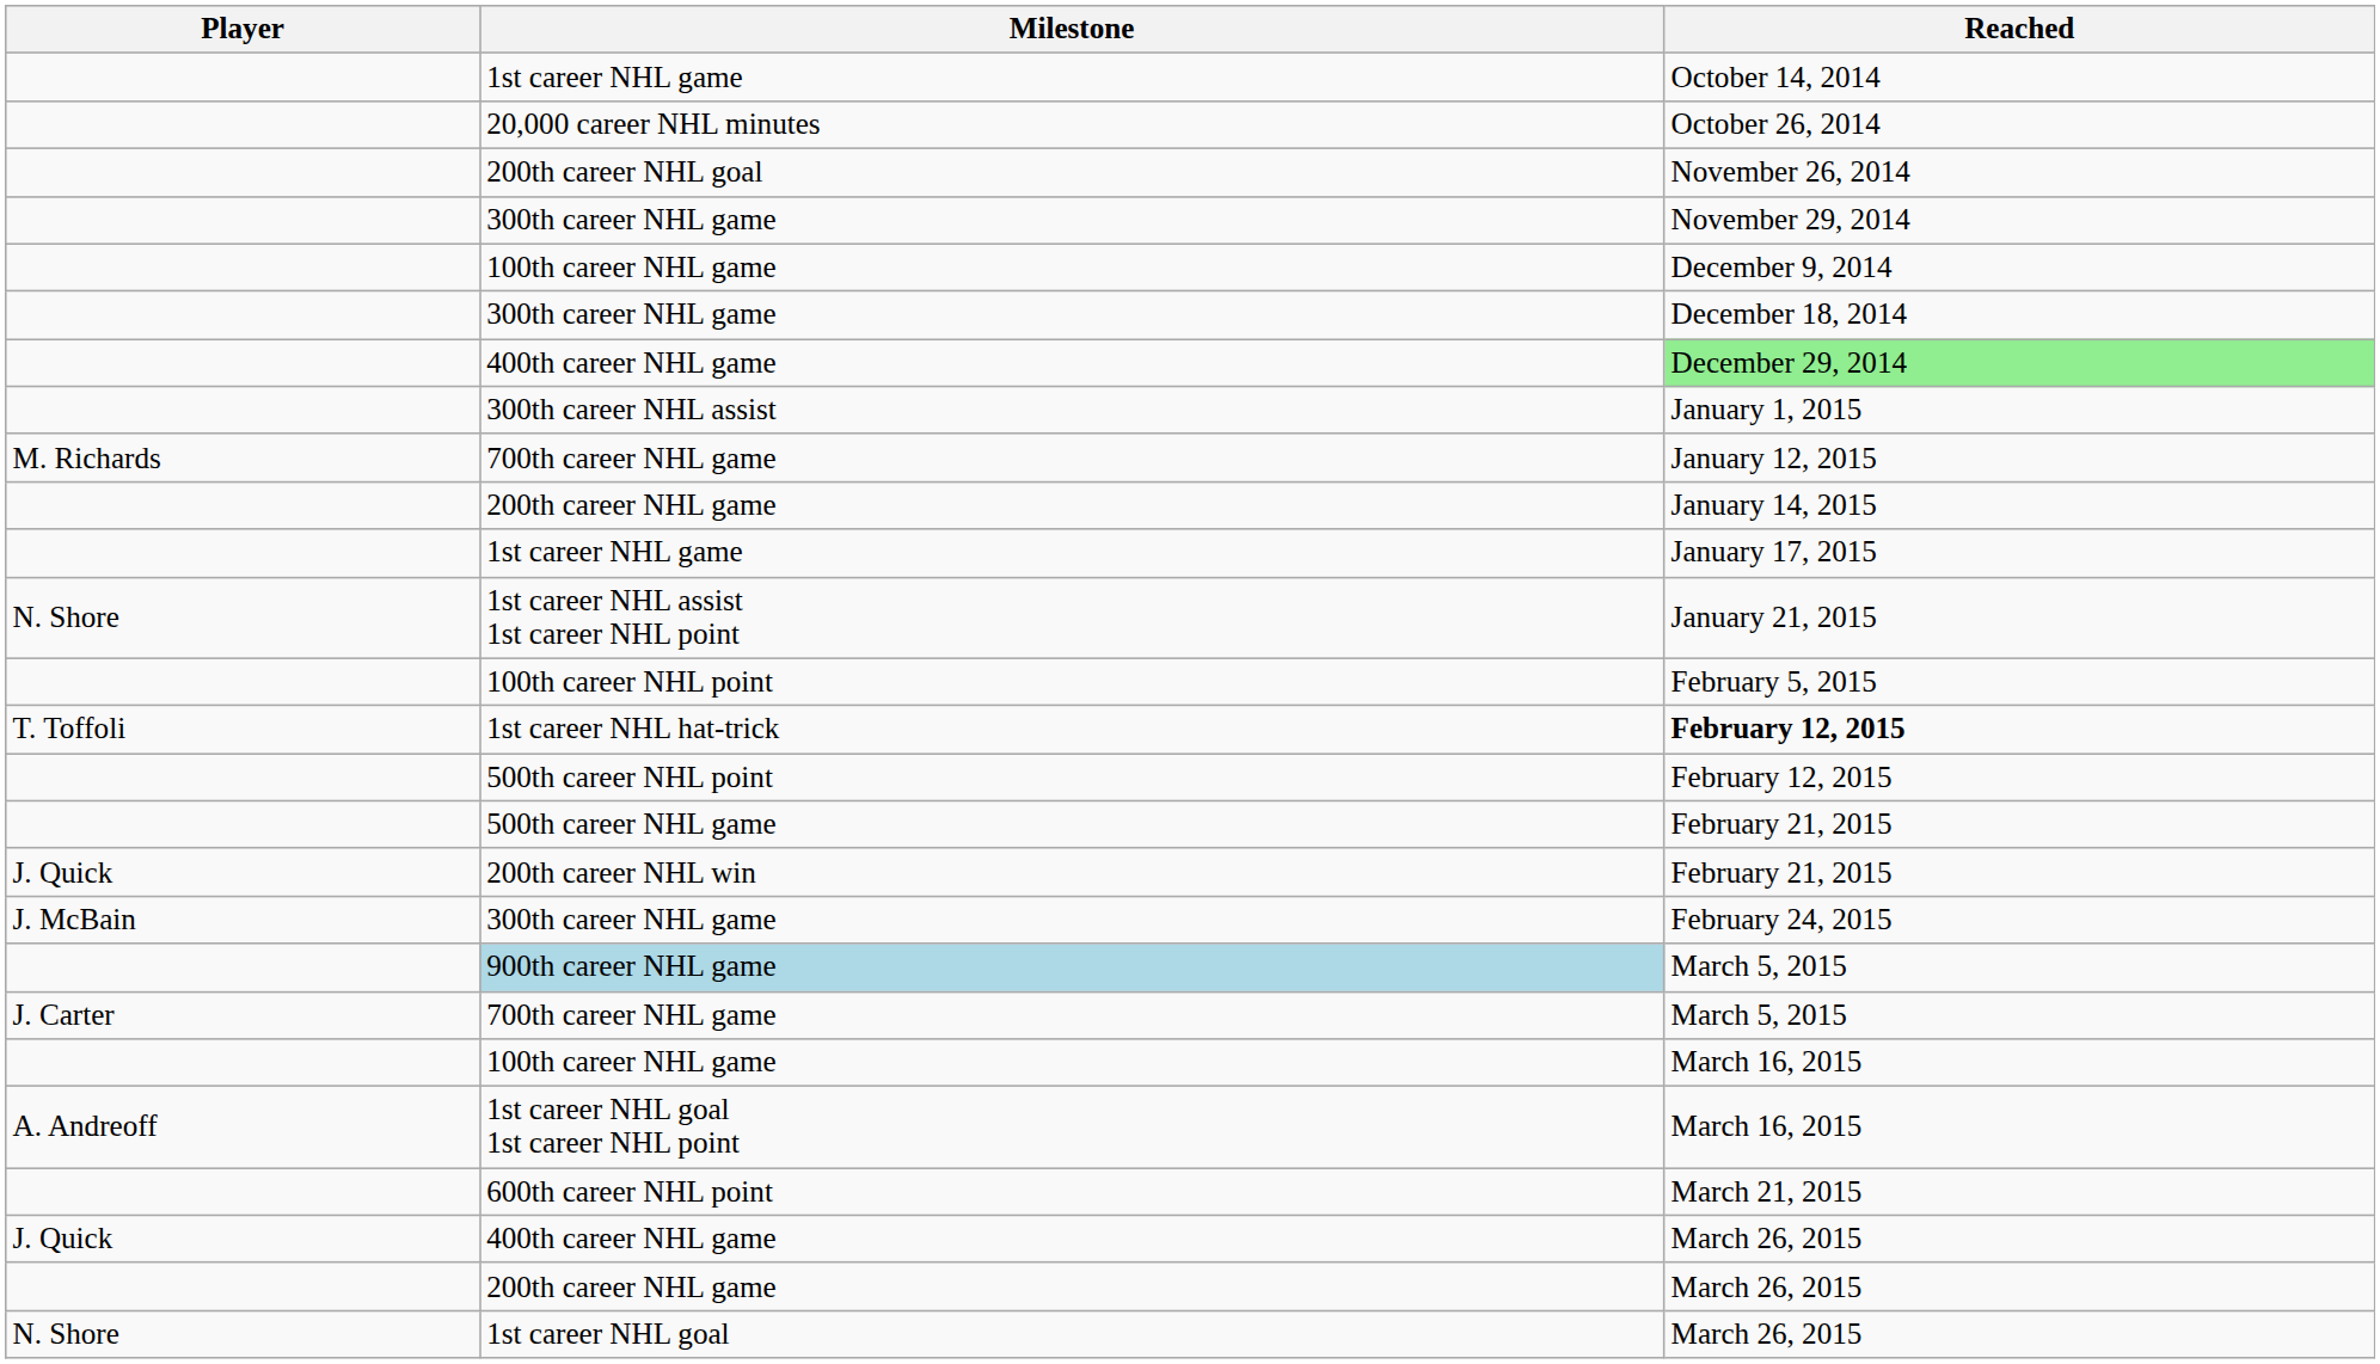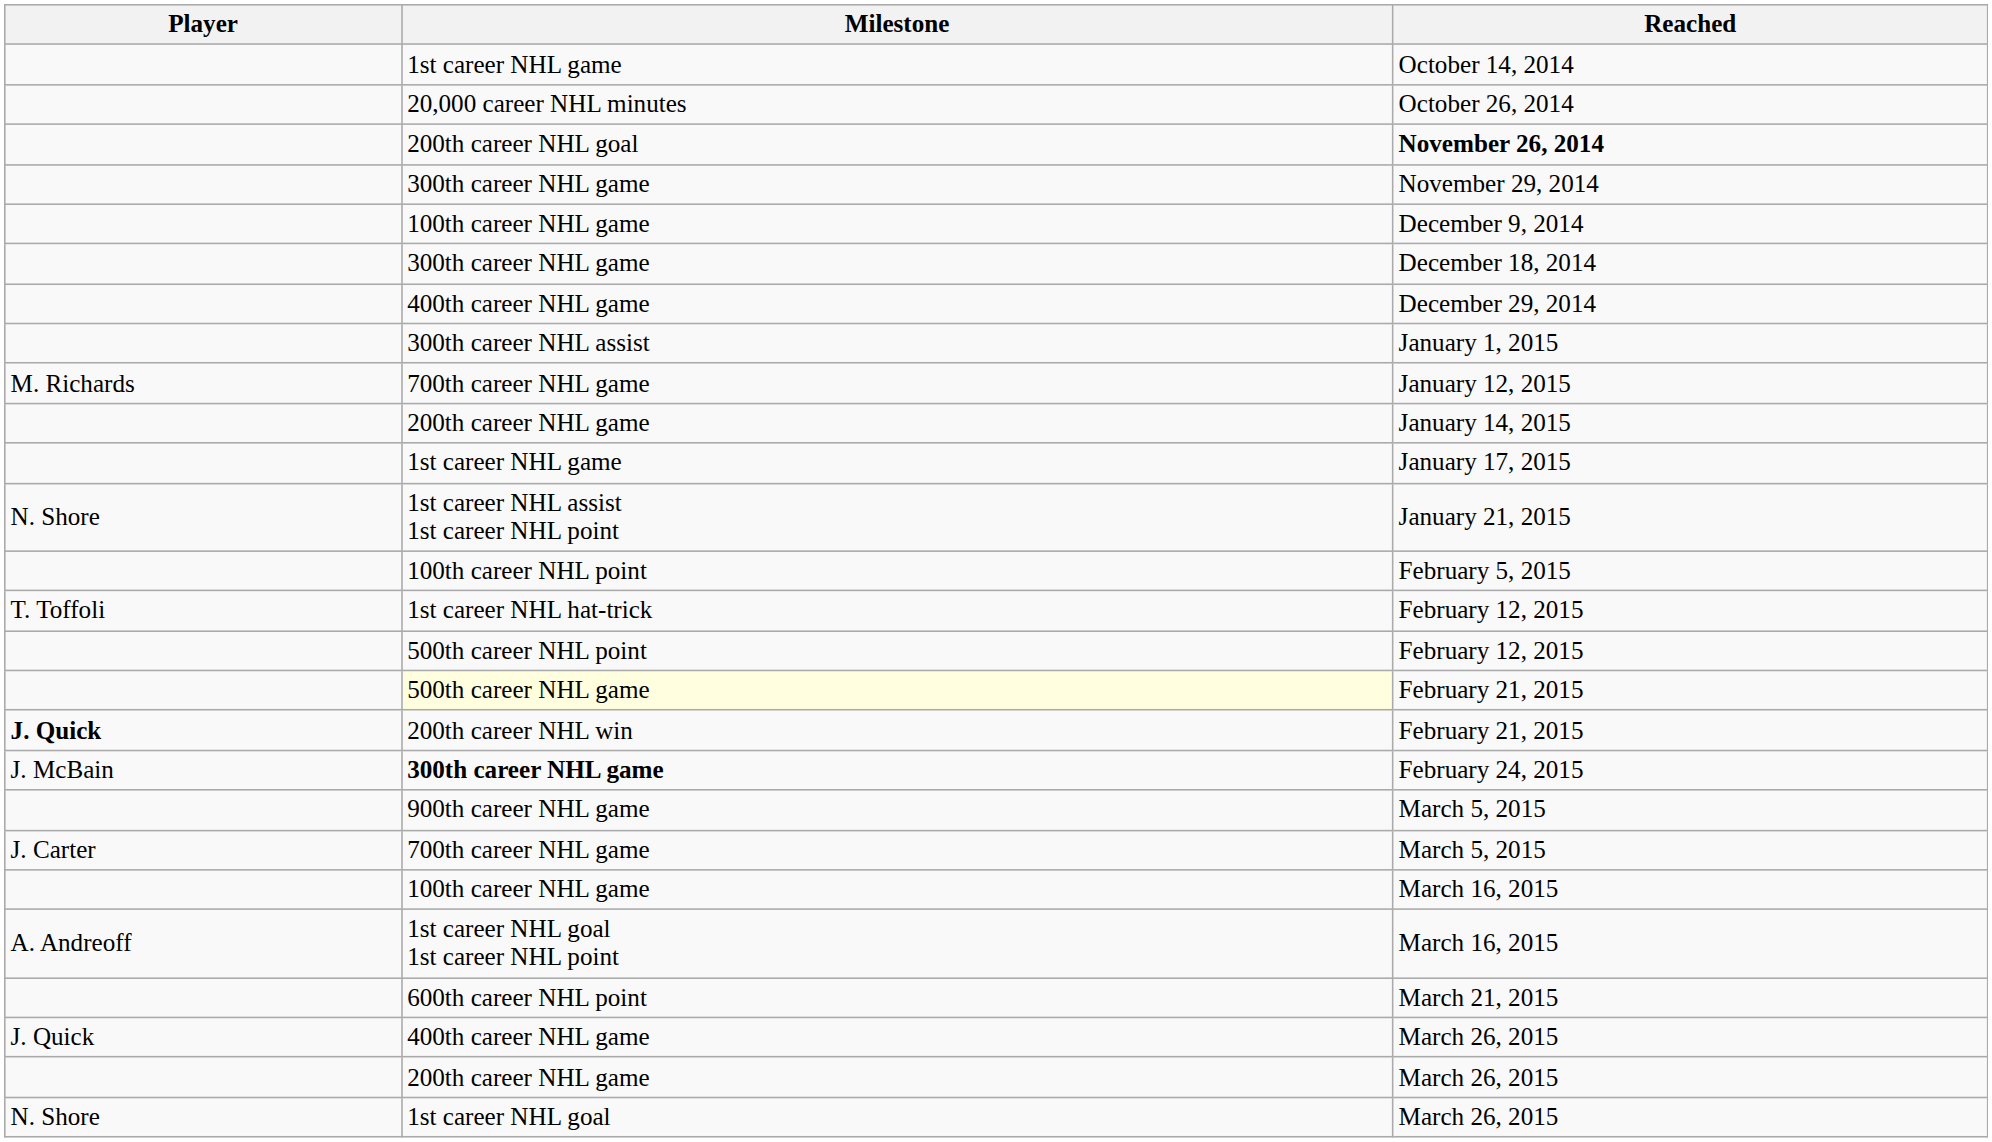 <table class="wikitable sortable" style="width:100%;">
 <tr align=center>
 <th style="width:20%;">Player</th>
 <th style="width:50%;">Milestone</th>
 <th style="width:30%;" data-sort-type="date">Reached</th>
 </tr>
 <tr>
 <td></td>
 <td>1st career NHL game</td>
 <td>October 14, 2014</td>
 </tr>
 <tr>
 <td></td>
 <td>20,000 career NHL minutes</td>
 <td>October 26, 2014</td>
 </tr>
 <tr>
 <td></td>
 <td>200th career NHL goal</td>
-<td>November 26, 2014</td>
+<td><strong>November 26, 2014</strong></td>
 </tr>
 <tr>
 <td></td>
 <td>300th career NHL game</td>
 <td>November 29, 2014</td>
 </tr>
 <tr>
 <td></td>
 <td>100th career NHL game</td>
 <td>December 9, 2014</td>
 </tr>
 <tr>
 <td></td>
 <td>300th career NHL game</td>
 <td>December 18, 2014</td>
 </tr>
 <tr>
 <td></td>
 <td>400th career NHL game</td>
-<td style="background: lightgreen;">December 29, 2014</td>
+<td>December 29, 2014</td>
 </tr>
 <tr>
 <td></td>
 <td>300th career NHL assist</td>
 <td>January 1, 2015</td>
 </tr>
 <tr>
 <td>M. Richards</td>
 <td>700th career NHL game</td>
 <td>January 12, 2015</td>
 </tr>
 <tr>
 <td></td>
 <td>200th career NHL game</td>
 <td>January 14, 2015</td>
 </tr>
 <tr>
 <td></td>
 <td>1st career NHL game</td>
 <td>January 17, 2015</td>
 </tr>
 <tr>
 <td>N. Shore</td>
 <td>1st career NHL assist<br>1st career NHL point</td>
 <td>January 21, 2015</td>
 </tr>
 <tr>
 <td></td>
 <td>100th career NHL point</td>
 <td>February 5, 2015</td>
 </tr>
 <tr>
 <td>T. Toffoli</td>
 <td>1st career NHL hat-trick</td>
-<td><strong>February 12, 2015</strong></td>
+<td>February 12, 2015</td>
 </tr>
 <tr>
 <td></td>
 <td>500th career NHL point</td>
 <td>February 12, 2015</td>
 </tr>
 <tr>
 <td></td>
-<td>500th career NHL game</td>
+<td style="background: lightyellow;">500th career NHL game</td>
 <td>February 21, 2015</td>
 </tr>
 <tr>
-<td>J. Quick</td>
+<td><strong>J. Quick</strong></td>
 <td>200th career NHL win</td>
 <td>February 21, 2015</td>
 </tr>
 <tr>
 <td>J. McBain</td>
-<td>300th career NHL game</td>
+<td><strong>300th career NHL game</strong></td>
 <td>February 24, 2015</td>
 </tr>
 <tr>
 <td></td>
-<td style="background: lightblue;">900th career NHL game</td>
+<td>900th career NHL game</td>
 <td>March 5, 2015</td>
 </tr>
 <tr>
 <td>J. Carter</td>
 <td>700th career NHL game</td>
 <td>March 5, 2015</td>
 </tr>
 <tr>
 <td></td>
 <td>100th career NHL game</td>
 <td>March 16, 2015</td>
 </tr>
 <tr>
 <td>A. Andreoff</td>
 <td>1st career NHL goal<br>1st career NHL point</td>
 <td>March 16, 2015</td>
 </tr>
 <tr>
 <td></td>
 <td>600th career NHL point</td>
 <td>March 21, 2015</td>
 </tr>
 <tr>
 <td>J. Quick</td>
 <td>400th career NHL game</td>
 <td>March 26, 2015</td>
 </tr>
 <tr>
 <td></td>
 <td>200th career NHL game</td>
 <td>March 26, 2015</td>
 </tr>
 <tr>
 <td>N. Shore</td>
 <td>1st career NHL goal</td>
 <td>March 26, 2015</td>
 </tr>
 </table>
